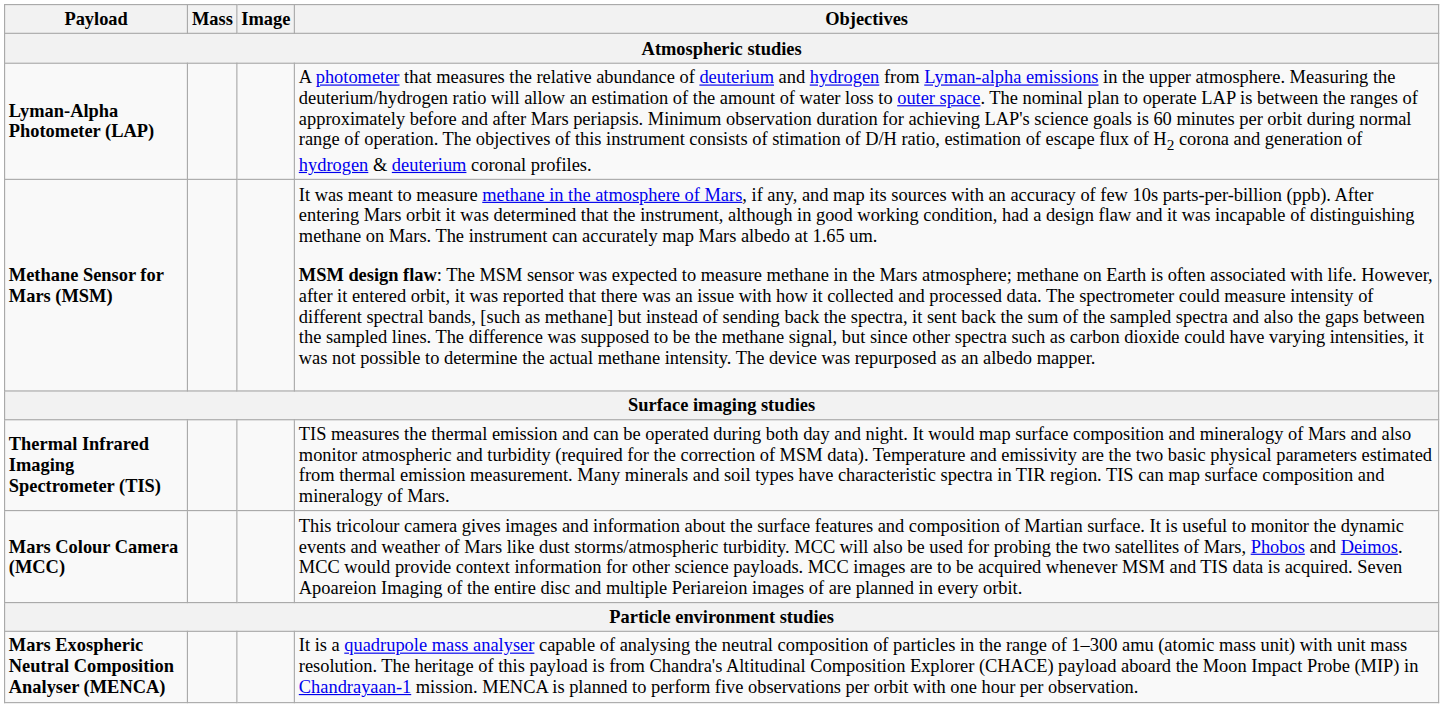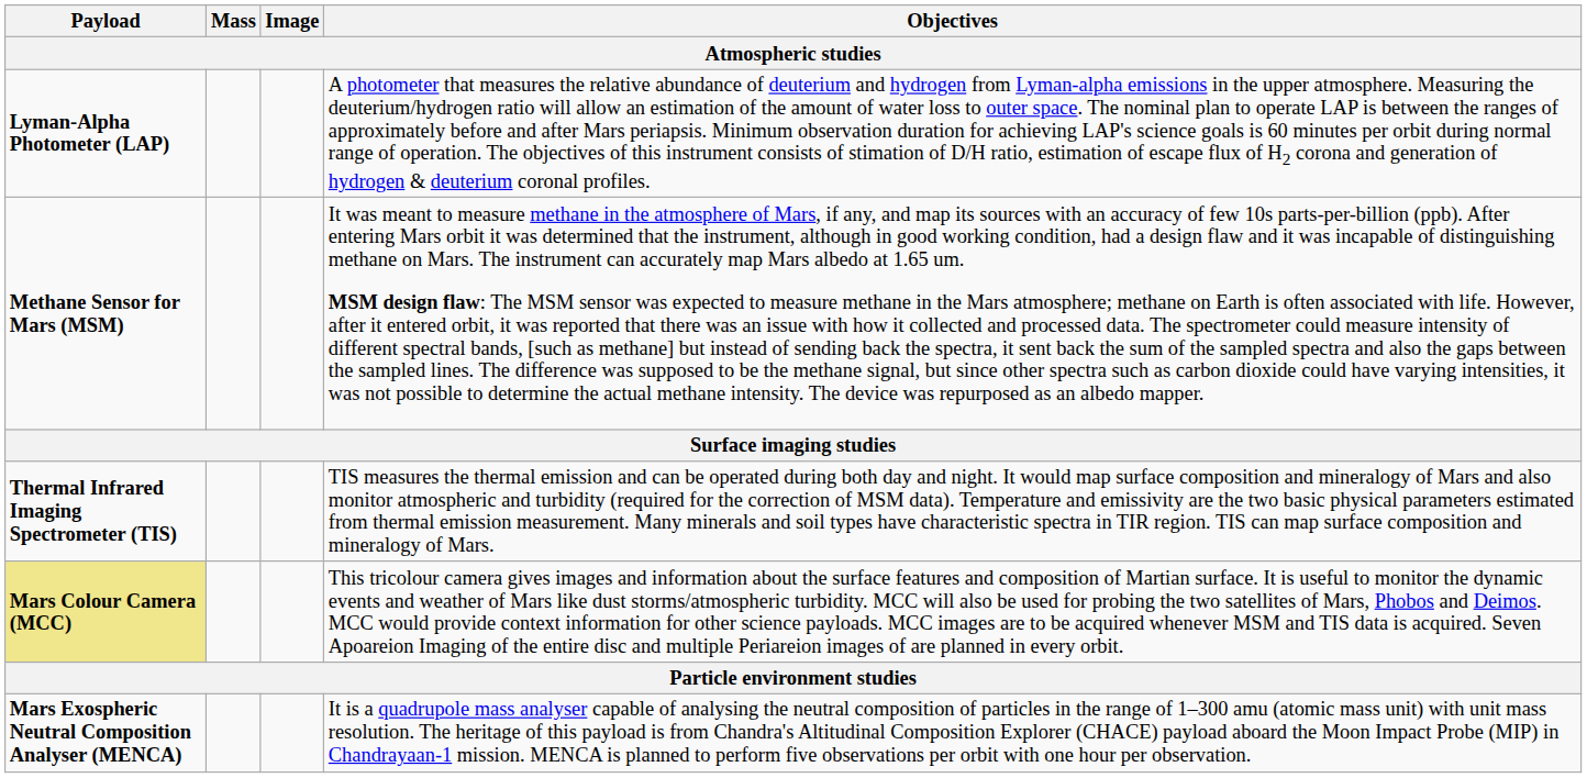 <table class="wikitable">
 <tr>
 <th>Payload</th>
 <th>Mass</th>
 <th>Image</th>
 <th>Objectives</th>
 </tr>
 <tr>
 <th colspan="4">Atmospheric studies</th>
 </tr>
 <tr>
 <td><strong>Lyman-Alpha Photometer (LAP)</strong></td>
 <td></td>
 <td></td>
 <td>A <a href='#'>photometer</a> that measures the relative abundance of <a href='#'>deuterium</a> and <a href='#'>hydrogen</a> from <a href='#'>Lyman-alpha emissions</a> in the upper atmosphere. Measuring the deuterium/hydrogen ratio will allow an estimation of the amount of water loss to <a href='#'>outer space</a>. The nominal plan to operate LAP is between the ranges of approximately  before and after Mars periapsis. Minimum observation duration for achieving LAP's science goals is 60 minutes per orbit during normal range of operation. The objectives of this instrument consists of stimation of D/H ratio, estimation of escape flux of H<sub>2</sub> corona and generation of <a href='#'>hydrogen</a> & <a href='#'>deuterium</a> coronal profiles.</td>
 </tr>
 <tr>
 <td><strong>Methane Sensor for Mars (MSM)</strong></td>
 <td></td>
 <td></td>
 <td>It was meant to measure <a href='#'>methane in the atmosphere of Mars</a>, if any, and map its sources with an accuracy of few 10s parts-per-billion (ppb). After entering Mars orbit it was determined that the instrument, although in good working condition, had a design flaw and it was incapable of distinguishing methane on Mars. The instrument can accurately map Mars albedo at 1.65 um.<p><strong>MSM design flaw</strong>: The MSM sensor was expected to measure methane in the Mars atmosphere; methane on Earth is often associated with life. However,  after it entered orbit, it was reported that there was an issue with how it collected and processed data. The spectrometer could measure intensity of different spectral bands, [such as methane] but instead of sending back the spectra, it sent back the sum of the sampled spectra and also the gaps between the sampled lines. The difference was supposed to be the methane signal, but since other spectra such as carbon dioxide could have varying intensities, it was not possible to determine the actual methane intensity. The device was repurposed as an albedo mapper.</p></td>
 </tr>
 <tr>
 <th colspan="4">Surface imaging studies</th>
 </tr>
 <tr>
 <td><strong>Thermal Infrared Imaging Spectrometer (TIS)</strong></td>
 <td></td>
 <td></td>
 <td>TIS measures the thermal emission and can be operated during both day and night. It would map surface composition and mineralogy of Mars and also monitor atmospheric  and turbidity (required for the correction of MSM data). Temperature and emissivity are the two basic physical parameters estimated from thermal emission measurement. Many minerals and soil types have characteristic spectra in TIR region. TIS can map surface composition and mineralogy of Mars.</td>
 </tr>
 <tr>
-<td><strong>Mars Colour Camera (MCC)</strong></td>
+<td style="background: khaki;"><strong>Mars Colour Camera (MCC)</strong></td>
 <td></td>
 <td></td>
 <td>This tricolour camera gives images and information about the surface features and composition of Martian surface. It is useful to monitor the dynamic events and weather of Mars like dust storms/atmospheric turbidity. MCC will also be used for probing the two satellites of Mars, <a href='#'>Phobos</a> and <a href='#'>Deimos</a>. MCC would provide context information for other science payloads. MCC images are to be acquired whenever MSM and TIS data is acquired. Seven Apoareion Imaging of the entire disc and multiple Periareion images of  are planned in every orbit.</td>
 </tr>
 <tr>
 <th colspan="4">Particle environment studies</th>
 </tr>
 <tr>
 <td><strong>Mars Exospheric Neutral Composition Analyser (MENCA)</strong></td>
 <td></td>
 <td></td>
 <td>It is a <a href='#'>quadrupole mass analyser</a> capable of analysing the neutral composition of particles in the range of 1–300 amu (atomic mass unit) with unit mass resolution. The heritage of this payload is from Chandra's Altitudinal Composition Explorer (CHACE) payload aboard the Moon Impact Probe (MIP) in <a href='#'>Chandrayaan-1</a> mission. MENCA is planned to perform five observations per orbit with one hour per observation.</td>
 </tr>
 </table>
